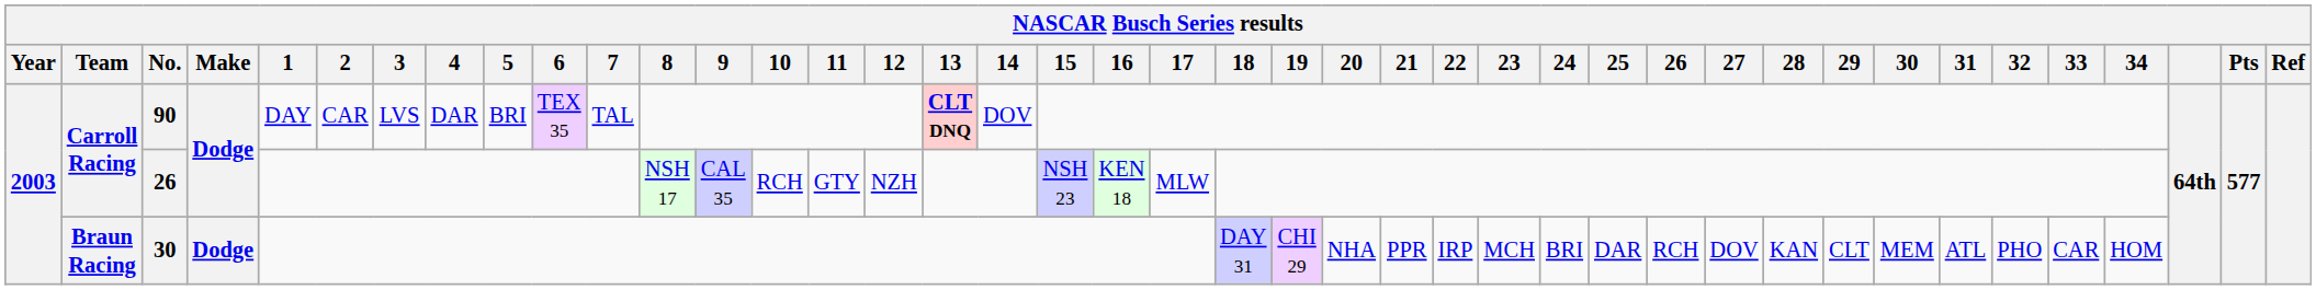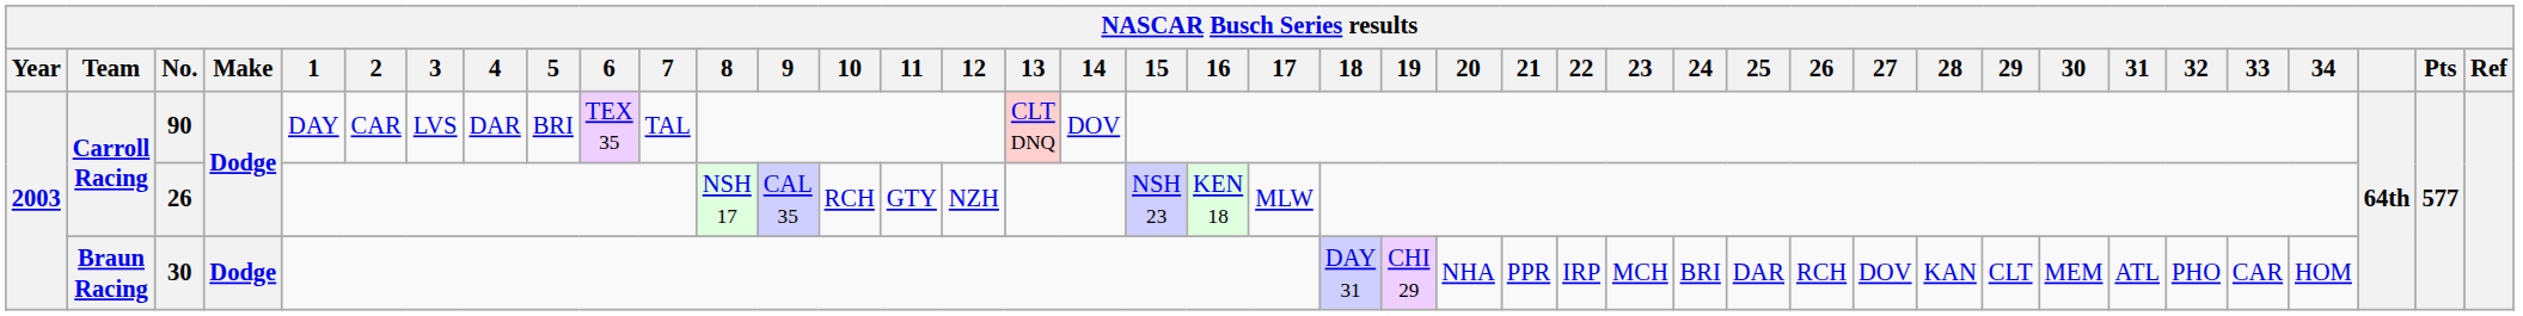 <table class="wikitable" style="text-align:center; font-size:75%">
 <tr>
 <th colspan=42><a href='#'>NASCAR</a> <a href='#'>Busch Series</a> results</th>
 </tr>
 <tr>
 <th>Year</th>
 <th>Team</th>
 <th>No.</th>
 <th>Make</th>
 <th>1</th>
 <th>2</th>
 <th>3</th>
 <th>4</th>
 <th>5</th>
 <th>6</th>
 <th>7</th>
 <th>8</th>
 <th>9</th>
 <th>10</th>
 <th>11</th>
 <th>12</th>
 <th>13</th>
 <th>14</th>
 <th>15</th>
 <th>16</th>
 <th>17</th>
 <th>18</th>
 <th>19</th>
 <th>20</th>
 <th>21</th>
 <th>22</th>
 <th>23</th>
 <th>24</th>
 <th>25</th>
 <th>26</th>
 <th>27</th>
 <th>28</th>
 <th>29</th>
 <th>30</th>
 <th>31</th>
 <th>32</th>
 <th>33</th>
 <th>34</th>
 <th></th>
 <th>Pts</th>
 <th>Ref</th>
 </tr>
 <tr>
 <th rowspan=3><a href='#'>2003</a></th>
 <th rowspan=2><a href='#'>Carroll Racing</a></th>
 <th>90</th>
 <th rowspan=2><a href='#'>Dodge</a></th>
 <td><a href='#'>DAY</a></td>
 <td><a href='#'>CAR</a></td>
 <td><a href='#'>LVS</a></td>
 <td><a href='#'>DAR</a></td>
 <td><a href='#'>BRI</a></td>
 <td style="background:#EFCFFF;"><a href='#'>TEX</a><br><small>35</small></td>
 <td><a href='#'>TAL</a></td>
 <td colspan=5></td>
-<td style="background:#FFCFCF;"><strong><a href='#'>CLT</a><br><small>DNQ</small></strong></td>
+<td style="background:#FFCFCF;"><a href='#'>CLT</a><br><small>DNQ</small></td>
 <td><a href='#'>DOV</a></td>
 <td colspan=20></td>
 <th rowspan=3>64th</th>
 <th rowspan=3>577</th>
 <th rowspan=3></th>
 </tr>
 <tr>
 <th>26</th>
 <td colspan=7></td>
 <td style="background:#DFFFDF;"><a href='#'>NSH</a><br><small>17</small></td>
 <td style="background:#CFCFFF;"><a href='#'>CAL</a><br><small>35</small></td>
 <td><a href='#'>RCH</a></td>
 <td><a href='#'>GTY</a></td>
 <td><a href='#'>NZH</a></td>
 <td colspan=2></td>
 <td style="background:#CFCFFF;"><a href='#'>NSH</a><br><small>23</small></td>
 <td style="background:#DFFFDF;"><a href='#'>KEN</a><br><small>18</small></td>
 <td><a href='#'>MLW</a></td>
 <td colspan=17></td>
 </tr>
 <tr>
 <th><a href='#'>Braun Racing</a></th>
 <th>30</th>
 <th><a href='#'>Dodge</a></th>
 <td colspan=17></td>
 <td style="background:#CFCFFF;"><a href='#'>DAY</a><br><small>31</small></td>
 <td style="background:#EFCFFF;"><a href='#'>CHI</a><br><small>29</small></td>
 <td><a href='#'>NHA</a></td>
 <td><a href='#'>PPR</a></td>
 <td><a href='#'>IRP</a></td>
 <td><a href='#'>MCH</a></td>
 <td><a href='#'>BRI</a></td>
 <td><a href='#'>DAR</a></td>
 <td><a href='#'>RCH</a></td>
 <td><a href='#'>DOV</a></td>
 <td><a href='#'>KAN</a></td>
 <td><a href='#'>CLT</a></td>
 <td><a href='#'>MEM</a></td>
 <td><a href='#'>ATL</a></td>
 <td><a href='#'>PHO</a></td>
 <td><a href='#'>CAR</a></td>
 <td><a href='#'>HOM</a></td>
 </tr>
 </table>
